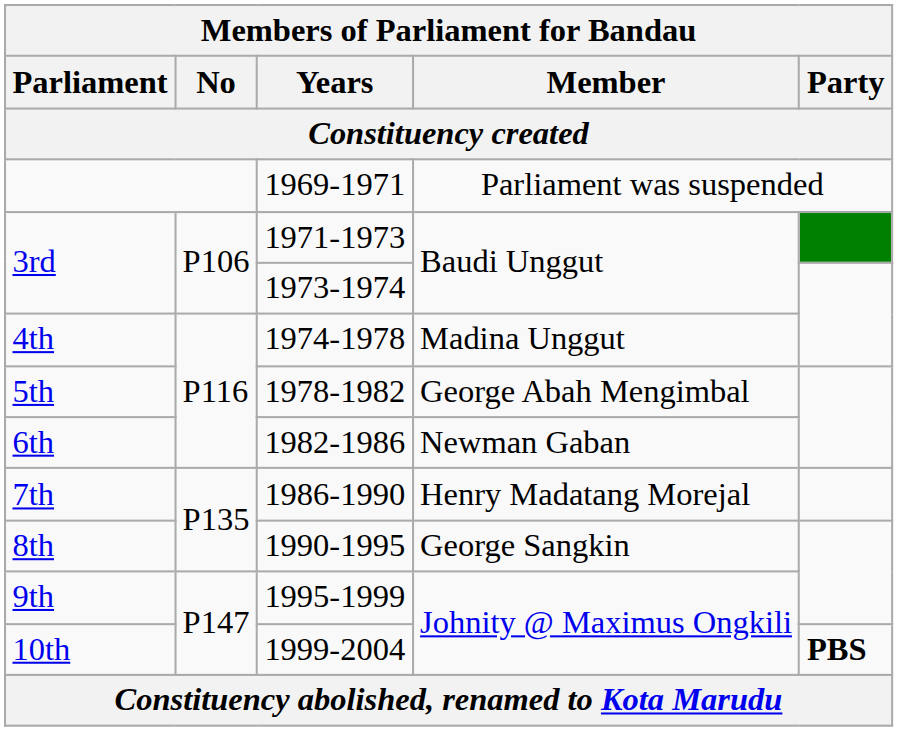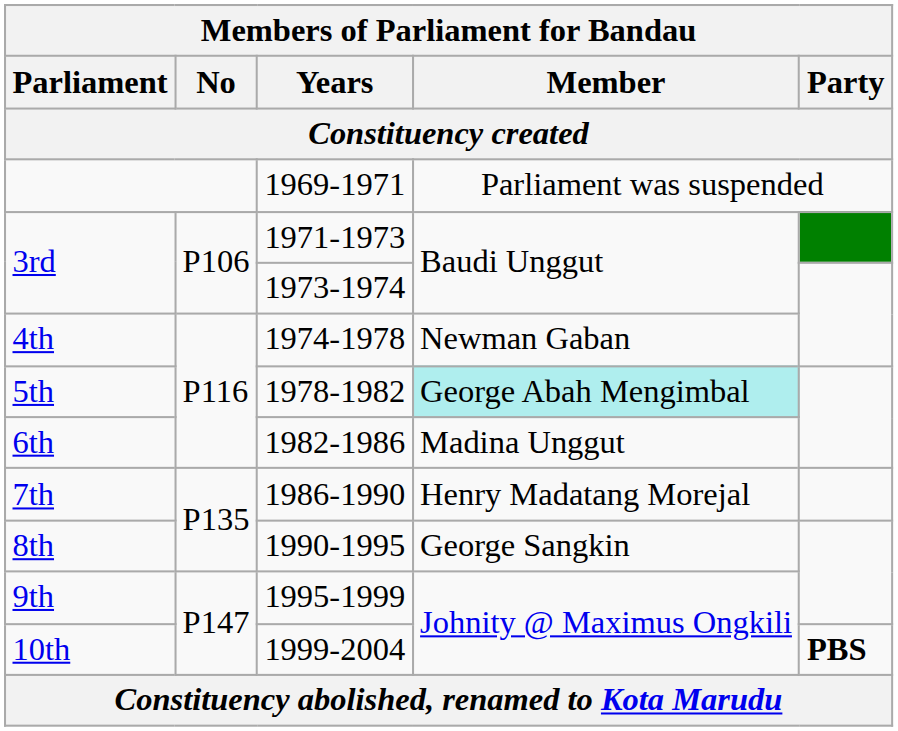 <table class=wikitable>
 <tr>
 <th colspan="5">Members of Parliament for Bandau</th>
 </tr>
 <tr>
 <th>Parliament</th>
 <th>No</th>
 <th>Years</th>
 <th>Member</th>
 <th>Party</th>
 </tr>
 <tr>
 <th colspan="5" align="center"><em>Constituency created</em></th>
 </tr>
 <tr>
 <td colspan="2"></td>
 <td>1969-1971</td>
 <td colspan=2 align=center>Parliament was suspended</td>
 </tr>
 <tr>
 <td rowspan=2><a href='#'>3rd</a></td>
 <td rowspan="2">P106</td>
 <td>1971-1973</td>
 <td rowspan=2>Baudi Unggut</td>
 <td bgcolor=#008000></td>
 </tr>
 <tr>
 <td>1973-1974</td>
 <td rowspan="2"></td>
 </tr>
 <tr>
 <td><a href='#'>4th</a></td>
 <td rowspan="3">P116</td>
 <td>1974-1978</td>
-<td>Madina Unggut</td>
+<td>Newman Gaban</td>
 </tr>
 <tr>
 <td><a href='#'>5th</a></td>
 <td>1978-1982</td>
-<td>George Abah Mengimbal</td>
+<td style="background: paleturquoise;">George Abah Mengimbal</td>
 <td rowspan="2"></td>
 </tr>
 <tr>
 <td><a href='#'>6th</a></td>
 <td>1982-1986</td>
-<td>Newman Gaban</td>
+<td>Madina Unggut</td>
 </tr>
 <tr>
 <td><a href='#'>7th</a></td>
 <td rowspan="2">P135</td>
 <td>1986-1990</td>
 <td>Henry Madatang Morejal</td>
 <td></td>
 </tr>
 <tr>
 <td><a href='#'>8th</a></td>
 <td>1990-1995</td>
 <td>George Sangkin</td>
 <td rowspan=2 bgcolor=></td>
 </tr>
 <tr>
 <td><a href='#'>9th</a></td>
 <td rowspan="2">P147</td>
 <td>1995-1999</td>
 <td rowspan=2><a href='#'>Johnity @ Maximus Ongkili</a></td>
 </tr>
 <tr>
 <td><a href='#'>10th</a></td>
 <td>1999-2004</td>
 <td><strong>PBS</strong></td>
 </tr>
 <tr>
 <th colspan="5" align="center"><em>Constituency abolished, renamed to <a href='#'>Kota Marudu</a></em></th>
 </tr>
 </table>
